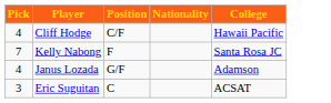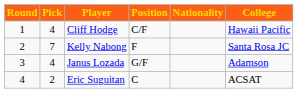 <table class="wikitable sortable sortable">
 <tr>
+<th style="background:#F95F17; color:#FFD700; ">Round</th>
 <th style="background:#F95F17; color:#FFD700; ">Pick</th>
 <th style="background:#F95F17; color:#FFD700; ">Player</th>
 <th style="background:#F95F17; color:#FFD700; ">Position</th>
 <th style="background:#F95F17; color:#FFD700; ">Nationality</th>
 <th style="background:#F95F17; color:#FFD700; ">College</th>
 </tr>
 <tr>
+<td align=center>1</td>
 <td align=center>4</td>
 <td><a href='#'>Cliff Hodge</a></td>
 <td>C/F</td>
 <td></td>
 <td><a href='#'>Hawaii Pacific</a></td>
 </tr>
 <tr>
+<td align=center>2</td>
 <td align=center>7</td>
 <td><a href='#'>Kelly Nabong</a></td>
 <td>F</td>
 <td></td>
 <td><a href='#'>Santa Rosa JC</a></td>
 </tr>
 <tr>
+<td align=center>3</td>
 <td align=center>4</td>
 <td><a href='#'>Janus Lozada</a></td>
 <td>G/F</td>
 <td></td>
 <td><a href='#'>Adamson</a></td>
 </tr>
 <tr>
-<td align=center>3</td>
+<td align=center>4</td>
+<td align=center>2</td>
 <td><a href='#'>Eric Suguitan</a></td>
 <td>C</td>
 <td></td>
 <td>ACSAT</td>
 </tr>
 </table>
